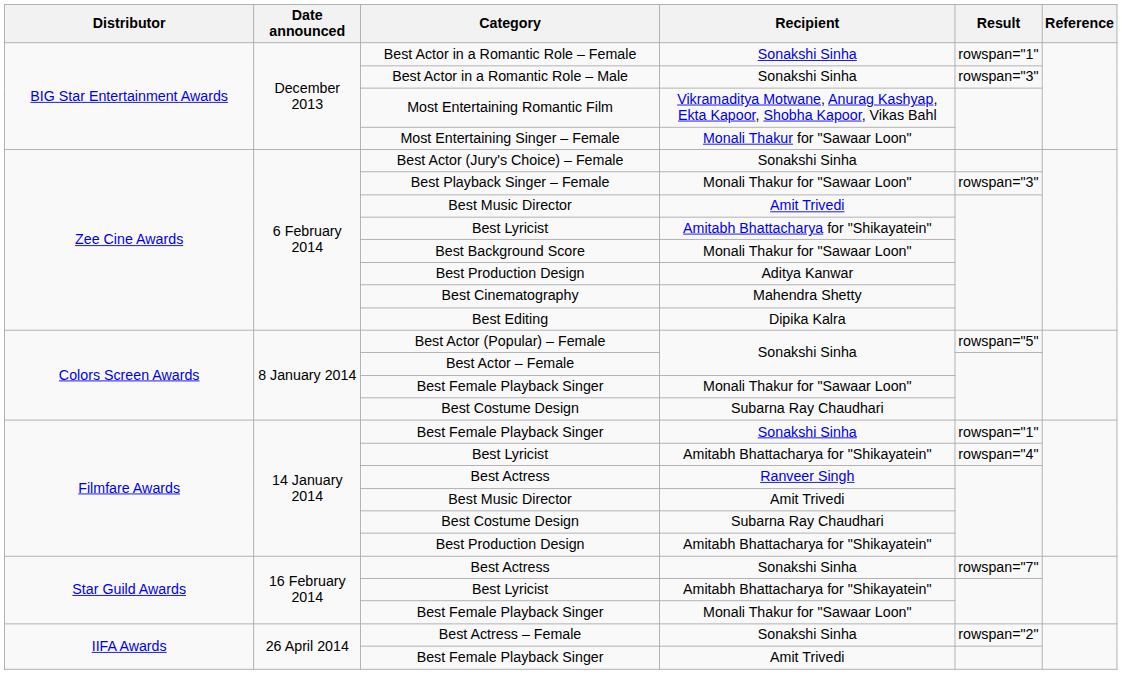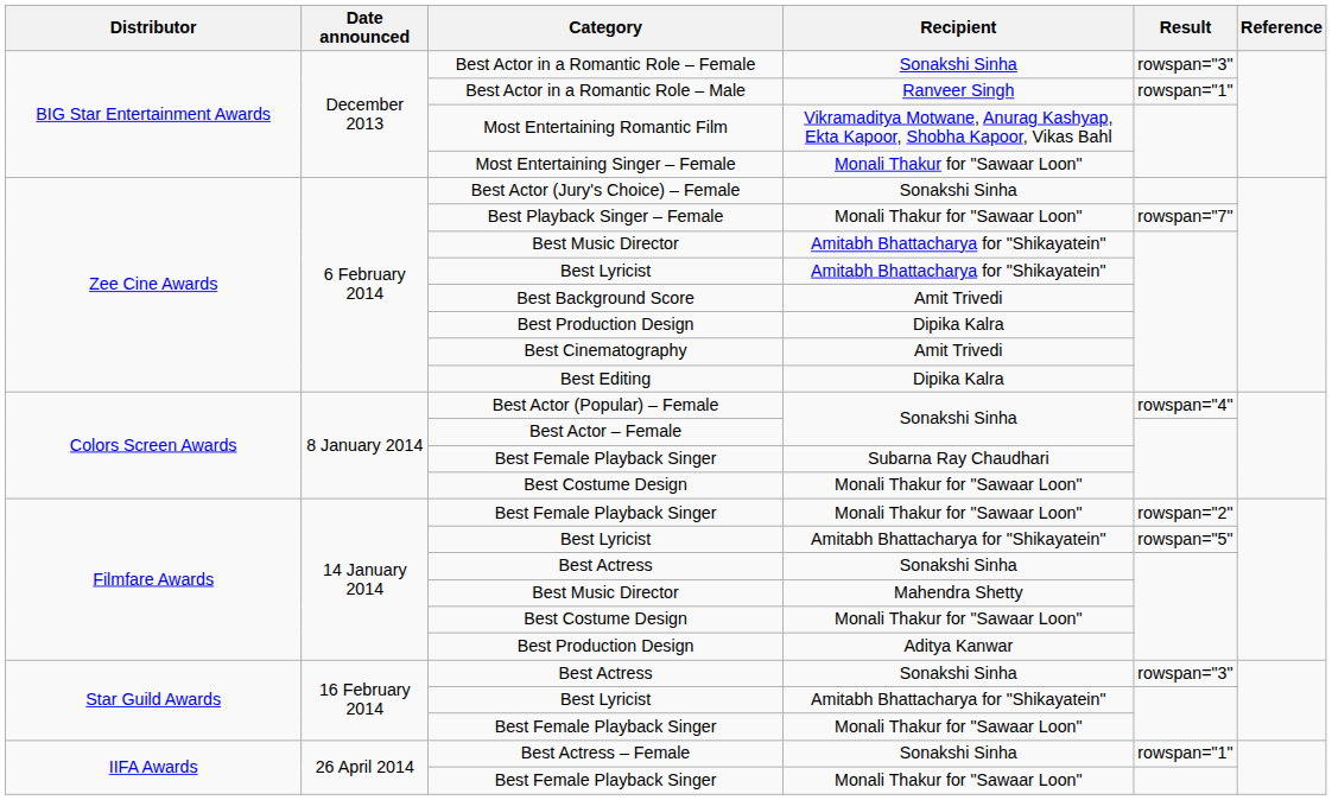 <table class="wikitable mw-collapsible " style="width:99%; text-align:center;"  >
 <tr>
 <th width="25%" scope="col">Distributor</th>
 <th width="10%" scope="col">Date announced</th>
 <th width="30%" scope="col">Category</th>
 <th width="30%" scope="col">Recipient</th>
 <th width="7%" scope="col">Result</th>
 <th width="2%" scope="col">Reference</th>
 </tr>
 <tr>
 <td rowspan="4"><a href='#'>BIG Star Entertainment Awards</a></td>
 <td rowspan="4">December 2013</td>
 <td>Best Actor in a Romantic Role – Female</td>
 <td><a href='#'>Sonakshi Sinha</a></td>
-<td>rowspan="1" </td>
+<td>rowspan="3" </td>
 <td rowspan="4"></td>
 </tr>
 <tr>
 <td>Best Actor in a Romantic Role – Male</td>
-<td>Sonakshi Sinha</td>
-<td>rowspan="3" </td>
+<td><a href='#'>Ranveer Singh</a></td>
+<td>rowspan="1" </td>
 </tr>
 <tr>
 <td>Most Entertaining Romantic Film</td>
 <td><a href='#'>Vikramaditya Motwane</a>, <a href='#'>Anurag Kashyap</a>, <a href='#'>Ekta Kapoor</a>, <a href='#'>Shobha Kapoor</a>, Vikas Bahl</td>
 </tr>
 <tr>
 <td>Most Entertaining Singer – Female</td>
 <td><a href='#'>Monali Thakur</a> for "Sawaar Loon"</td>
 </tr>
 <tr>
 <td rowspan="8"><a href='#'>Zee Cine Awards</a></td>
 <td rowspan="8">6 February 2014</td>
 <td>Best Actor (Jury's Choice) – Female</td>
 <td>Sonakshi Sinha</td>
 <td></td>
 <td rowspan="8"></td>
 </tr>
 <tr>
 <td>Best Playback Singer – Female</td>
 <td>Monali Thakur for "Sawaar Loon"</td>
-<td>rowspan="3" </td>
+<td>rowspan="7" </td>
 </tr>
 <tr>
 <td>Best Music Director</td>
-<td><a href='#'>Amit Trivedi</a></td>
+<td><a href='#'>Amitabh Bhattacharya</a> for "Shikayatein"</td>
 </tr>
 <tr>
 <td>Best Lyricist</td>
 <td><a href='#'>Amitabh Bhattacharya</a> for "Shikayatein"</td>
 </tr>
 <tr>
 <td>Best Background Score</td>
-<td>Monali Thakur for "Sawaar Loon"</td>
+<td>Amit Trivedi</td>
 </tr>
 <tr>
 <td>Best Production Design</td>
-<td>Aditya Kanwar</td>
+<td>Dipika Kalra</td>
 </tr>
 <tr>
 <td>Best Cinematography</td>
-<td>Mahendra Shetty</td>
+<td>Amit Trivedi</td>
 </tr>
 <tr>
 <td>Best Editing</td>
 <td>Dipika Kalra</td>
 </tr>
 <tr>
 <td rowspan="4"><a href='#'>Colors Screen Awards</a></td>
 <td rowspan="4">8 January 2014</td>
 <td>Best Actor (Popular) – Female</td>
 <td rowspan="2">Sonakshi Sinha</td>
-<td>rowspan="5" </td>
+<td>rowspan="4" </td>
 <td rowspan="4"></td>
 </tr>
 <tr>
 <td>Best Actor – Female</td>
 </tr>
 <tr>
 <td>Best Female Playback Singer</td>
-<td>Monali Thakur for "Sawaar Loon"</td>
+<td>Subarna Ray Chaudhari</td>
 </tr>
 <tr>
 <td>Best Costume Design</td>
-<td>Subarna Ray Chaudhari</td>
+<td>Monali Thakur for "Sawaar Loon"</td>
 </tr>
 <tr>
 <td rowspan="6"><a href='#'>Filmfare Awards</a></td>
 <td rowspan="6">14 January 2014</td>
 <td>Best Female Playback Singer</td>
-<td><a href='#'>Sonakshi Sinha</a></td>
-<td>rowspan="1" </td>
+<td>Monali Thakur for "Sawaar Loon"</td>
+<td>rowspan="2" </td>
 <td rowspan="6"></td>
 </tr>
 <tr>
 <td>Best Lyricist</td>
 <td>Amitabh Bhattacharya for "Shikayatein"</td>
-<td>rowspan="4" </td>
+<td>rowspan="5" </td>
 </tr>
 <tr>
 <td>Best Actress</td>
-<td><a href='#'>Ranveer Singh</a></td>
+<td>Sonakshi Sinha</td>
 </tr>
 <tr>
 <td>Best Music Director</td>
-<td>Amit Trivedi</td>
+<td>Mahendra Shetty</td>
 </tr>
 <tr>
 <td>Best Costume Design</td>
-<td>Subarna Ray Chaudhari</td>
+<td>Monali Thakur for "Sawaar Loon"</td>
 </tr>
 <tr>
 <td>Best Production Design</td>
-<td>Amitabh Bhattacharya for "Shikayatein"</td>
+<td>Aditya Kanwar</td>
 </tr>
 <tr>
 <td rowspan="3"><a href='#'>Star Guild Awards</a></td>
 <td rowspan="3">16 February 2014</td>
 <td>Best Actress</td>
 <td>Sonakshi Sinha</td>
-<td>rowspan="7" </td>
+<td>rowspan="3" </td>
 <td rowspan="3"></td>
 </tr>
 <tr>
 <td>Best Lyricist</td>
 <td>Amitabh Bhattacharya for "Shikayatein"</td>
 </tr>
 <tr>
 <td>Best Female Playback Singer</td>
 <td>Monali Thakur for "Sawaar Loon"</td>
 </tr>
 <tr>
 <td rowspan="2"><a href='#'>IIFA Awards</a></td>
 <td rowspan="2">26 April 2014</td>
 <td>Best Actress – Female</td>
 <td>Sonakshi Sinha</td>
-<td>rowspan="2" </td>
+<td>rowspan="1" </td>
 <td rowspan="6"></td>
 </tr>
 <tr>
 <td>Best Female Playback Singer</td>
-<td>Amit Trivedi</td>
+<td>Monali Thakur for "Sawaar Loon"</td>
 </tr>
 </table>
